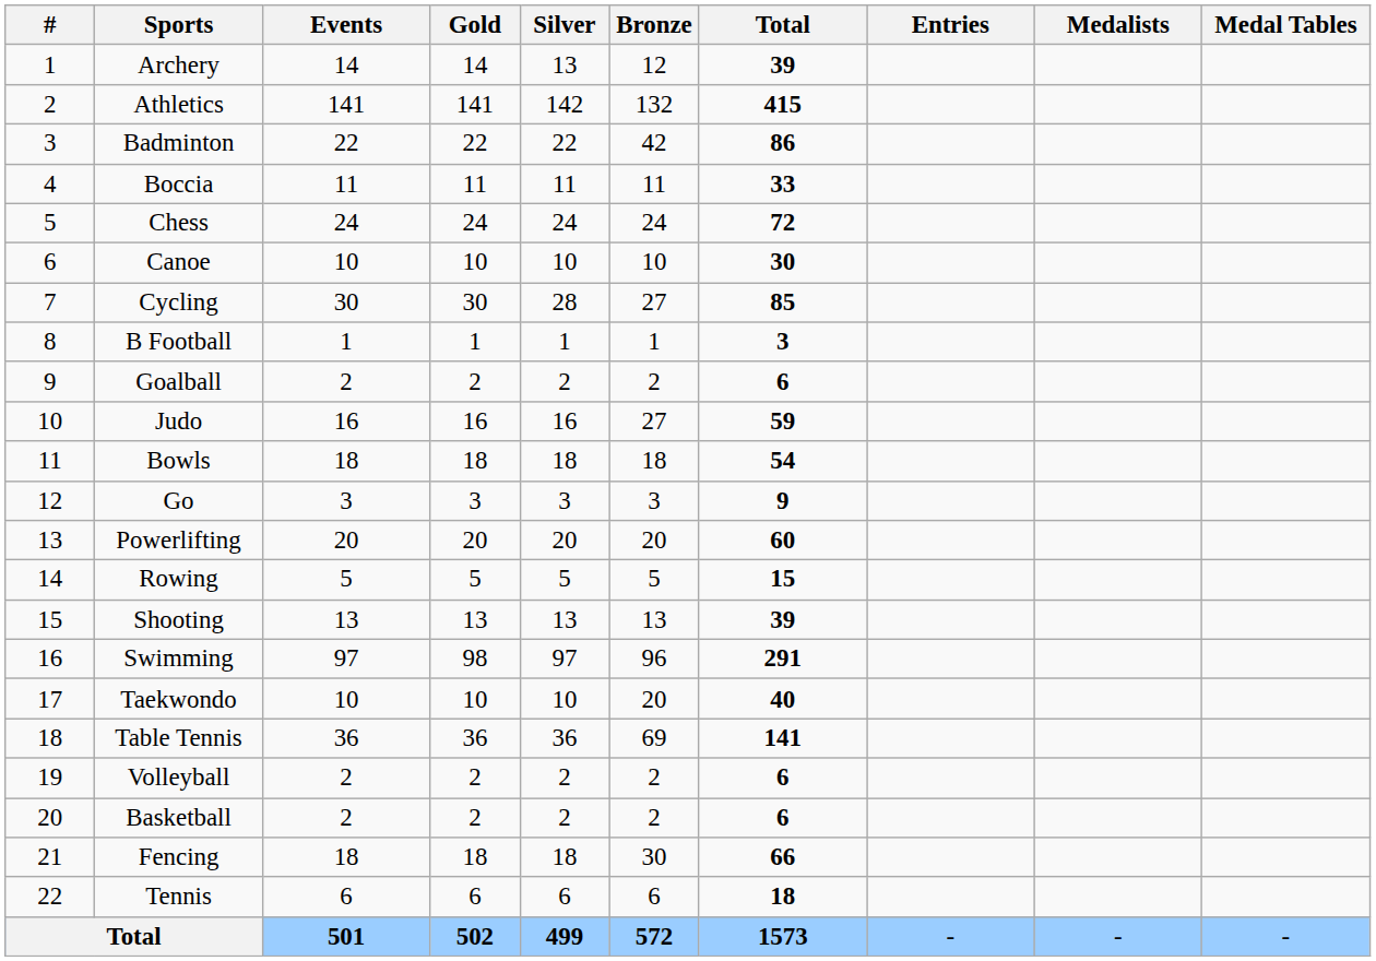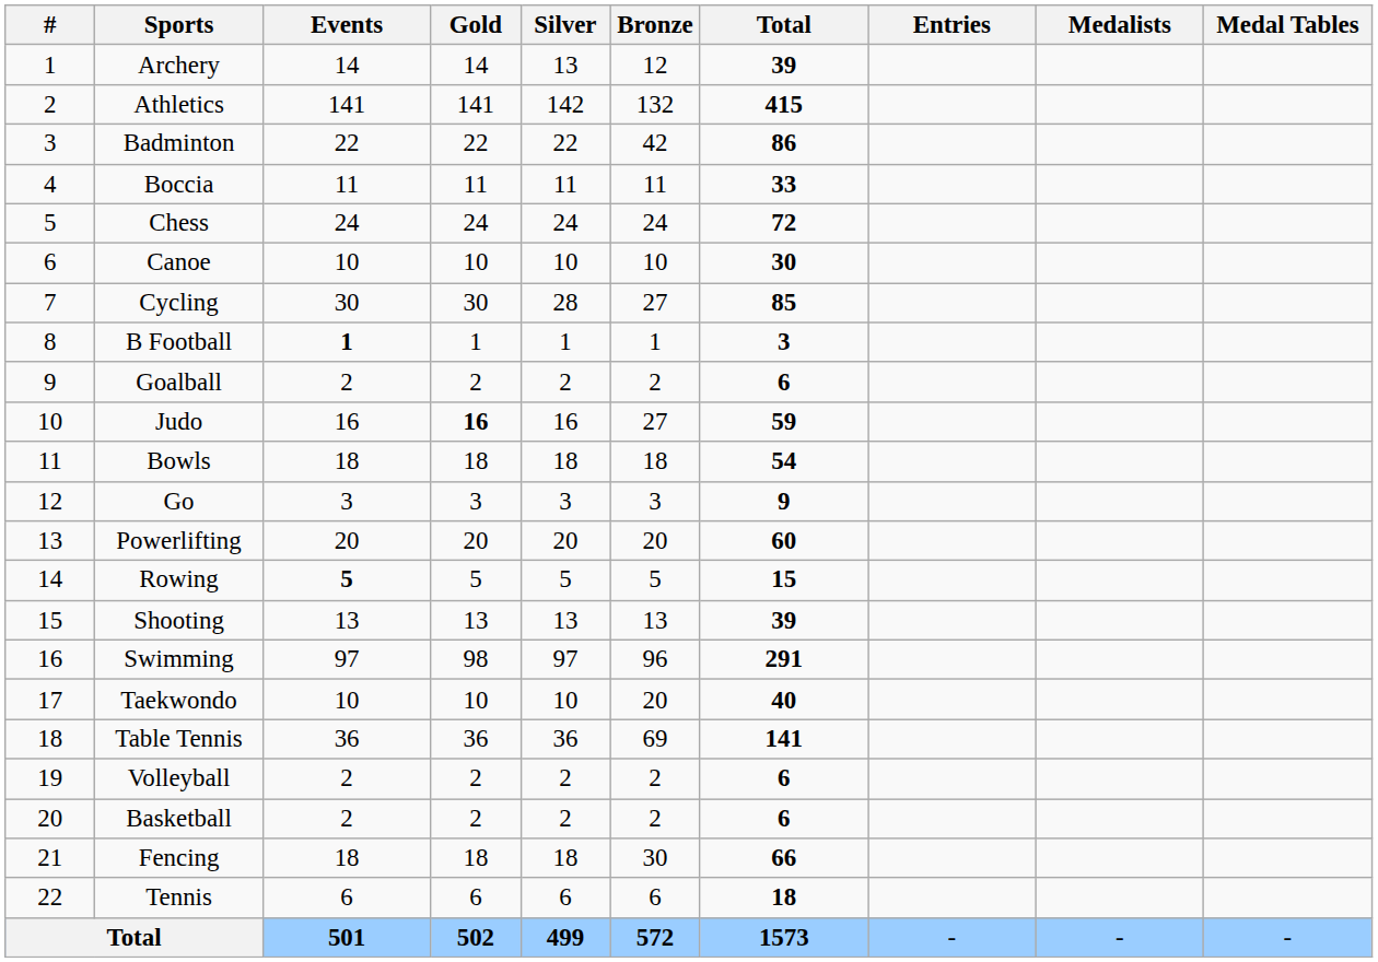 <table class="wikitable sortable" style="font-size:100%">
 <tr>
 <th width=50>#</th>
 <th width=100>Sports</th>
 <th width=100>Events</th>
 <th width=50>Gold</th>
 <th width=50>Silver</th>
 <th width=50>Bronze</th>
 <th width=100>Total</th>
 <th width=100>Entries</th>
 <th width=100>Medalists</th>
 <th width=100>Medal Tables</th>
 </tr>
 <tr>
 <td align=center>1</td>
 <td align=center>Archery</td>
 <td align=center>14</td>
 <td align=center>14</td>
 <td align=center>13</td>
 <td align=center>12</td>
 <td align=center><strong>39</strong></td>
 <td align=center></td>
 <td align="center"></td>
 <td align="center"></td>
 </tr>
 <tr>
 <td align=center>2</td>
 <td align=center>Athletics</td>
 <td align=center>141</td>
 <td align=center>141</td>
 <td align=center>142</td>
 <td align=center>132</td>
 <td align=center><strong>415</strong></td>
 <td align=center></td>
 <td align="center"></td>
 <td align="center"></td>
 </tr>
 <tr>
 <td align=center>3</td>
 <td align=center>Badminton</td>
 <td align=center>22</td>
 <td align=center>22</td>
 <td align=center>22</td>
 <td align=center>42</td>
 <td align=center><strong>86</strong></td>
 <td align=center></td>
 <td align="center"></td>
 <td align="center"></td>
 </tr>
 <tr>
 <td align=center>4</td>
 <td align=center>Boccia</td>
 <td align=center>11</td>
 <td align=center>11</td>
 <td align=center>11</td>
 <td align=center>11</td>
 <td align=center><strong>33</strong></td>
 <td align=center></td>
 <td align="center"></td>
 <td align="center"></td>
 </tr>
 <tr>
 <td align=center>5</td>
 <td align=center>Chess</td>
 <td align=center>24</td>
 <td align=center>24</td>
 <td align=center>24</td>
 <td align=center>24</td>
 <td align=center><strong>72</strong></td>
 <td align=center></td>
 <td align=center></td>
 <td align="center"></td>
 </tr>
 <tr>
 <td align=center>6</td>
 <td align=center>Canoe</td>
 <td align=center>10</td>
 <td align=center>10</td>
 <td align=center>10</td>
 <td align=center>10</td>
 <td align=center><strong>30</strong></td>
 <td align=center></td>
 <td align="center"></td>
 <td align="center"></td>
 </tr>
 <tr>
 <td align=center>7</td>
 <td align=center>Cycling</td>
 <td align=center>30</td>
 <td align=center>30</td>
 <td align=center>28</td>
 <td align=center>27</td>
 <td align=center><strong>85</strong></td>
 <td align=center></td>
 <td align="center"></td>
 <td align="center"></td>
 </tr>
 <tr>
 <td align=center>8</td>
 <td align=center>B Football</td>
-<td align=center>1</td>
+<td align=center><strong>1</strong></td>
 <td align=center>1</td>
 <td align=center>1</td>
 <td align=center>1</td>
 <td align=center><strong>3</strong></td>
 <td align=center></td>
 <td align="center"></td>
 <td align="center"></td>
 </tr>
 <tr>
 <td align=center>9</td>
 <td align=center>Goalball</td>
 <td align=center>2</td>
 <td align=center>2</td>
 <td align=center>2</td>
 <td align=center>2</td>
 <td align=center><strong>6</strong></td>
 <td align=center></td>
 <td align=center></td>
 <td align="center"></td>
 </tr>
 <tr>
 <td align=center>10</td>
 <td align=center>Judo</td>
 <td align=center>16</td>
-<td align=center>16</td>
+<td align=center><strong>16</strong></td>
 <td align=center>16</td>
 <td align=center>27</td>
 <td align=center><strong>59</strong></td>
 <td align=center></td>
 <td align="center"></td>
 <td align="center"></td>
 </tr>
 <tr>
 <td align=center>11</td>
 <td align=center>Bowls</td>
 <td align=center>18</td>
 <td align=center>18</td>
 <td align=center>18</td>
 <td align=center>18</td>
 <td align=center><strong>54</strong></td>
 <td align=center></td>
 <td align="center"></td>
 <td align="center"></td>
 </tr>
 <tr>
 <td align=center>12</td>
 <td align=center>Go</td>
 <td align=center>3</td>
 <td align=center>3</td>
 <td align=center>3</td>
 <td align=center>3</td>
 <td align=center><strong>9</strong></td>
 <td align=center></td>
 <td align="center"></td>
 <td align="center"></td>
 </tr>
 <tr>
 <td align=center>13</td>
 <td align=center>Powerlifting</td>
 <td align=center>20</td>
 <td align=center>20</td>
 <td align=center>20</td>
 <td align=center>20</td>
 <td align=center><strong>60</strong></td>
 <td align=center></td>
 <td align="center"></td>
 <td align="center"></td>
 </tr>
 <tr>
 <td align=center>14</td>
 <td align=center>Rowing</td>
-<td align=center>5</td>
+<td align=center><strong>5</strong></td>
 <td align=center>5</td>
 <td align=center>5</td>
 <td align=center>5</td>
 <td align=center><strong>15</strong></td>
 <td align=center></td>
 <td align="center"></td>
 <td align="center"></td>
 </tr>
 <tr>
 <td align=center>15</td>
 <td align=center>Shooting</td>
 <td align=center>13</td>
 <td align=center>13</td>
 <td align=center>13</td>
 <td align=center>13</td>
 <td align=center><strong>39</strong></td>
 <td align=center></td>
 <td align="center"></td>
 <td align="center"></td>
 </tr>
 <tr>
 <td align=center>16</td>
 <td align=center>Swimming</td>
 <td align=center>97</td>
 <td align=center>98</td>
 <td align=center>97</td>
 <td align=center>96</td>
 <td align=center><strong>291</strong></td>
 <td align=center></td>
 <td align="center"></td>
 <td align="center"></td>
 </tr>
 <tr>
 <td align=center>17</td>
 <td align=center>Taekwondo</td>
 <td align=center>10</td>
 <td align=center>10</td>
 <td align=center>10</td>
 <td align=center>20</td>
 <td align=center><strong>40</strong></td>
 <td align=center></td>
 <td align="center"></td>
 <td align="center"></td>
 </tr>
 <tr>
 <td align=center>18</td>
 <td align=center>Table Tennis</td>
 <td align=center>36</td>
 <td align=center>36</td>
 <td align=center>36</td>
 <td align=center>69</td>
 <td align=center><strong>141</strong></td>
 <td align=center></td>
 <td align="center"></td>
 <td align="center"></td>
 </tr>
 <tr>
 <td align=center>19</td>
 <td align=center>Volleyball</td>
 <td align=center>2</td>
 <td align=center>2</td>
 <td align=center>2</td>
 <td align=center>2</td>
 <td align=center><strong>6</strong></td>
 <td align=center></td>
 <td align=center></td>
 <td align="center"></td>
 </tr>
 <tr>
 <td align=center>20</td>
 <td align=center>Basketball</td>
 <td align=center>2</td>
 <td align=center>2</td>
 <td align=center>2</td>
 <td align=center>2</td>
 <td align=center><strong>6</strong></td>
 <td align=center></td>
 <td align="center"></td>
 <td align="center"></td>
 </tr>
 <tr>
 <td align=center>21</td>
 <td align=center>Fencing</td>
 <td align=center>18</td>
 <td align=center>18</td>
 <td align=center>18</td>
 <td align=center>30</td>
 <td align=center><strong>66</strong></td>
 <td align=center></td>
 <td align="center"></td>
 <td align="center"></td>
 </tr>
 <tr>
 <td align=center>22</td>
 <td align=center>Tennis</td>
 <td align=center>6</td>
 <td align=center>6</td>
 <td align=center>6</td>
 <td align=center>6</td>
 <td align=center><strong>18</strong></td>
 <td align=center></td>
 <td align="center"></td>
 <td align="center"></td>
 </tr>
 <tr style="background:#9acdff;">
 <th colspan=2>Total</th>
 <td align=center><strong>501</strong></td>
 <td align=center><strong>502</strong></td>
 <td align=center><strong>499</strong></td>
 <td align=center><strong>572</strong></td>
 <td align=center><strong>1573</strong></td>
 <td align=center>-</td>
 <td align=center>-</td>
 <td align=center>-</td>
 </tr>
 </table>
